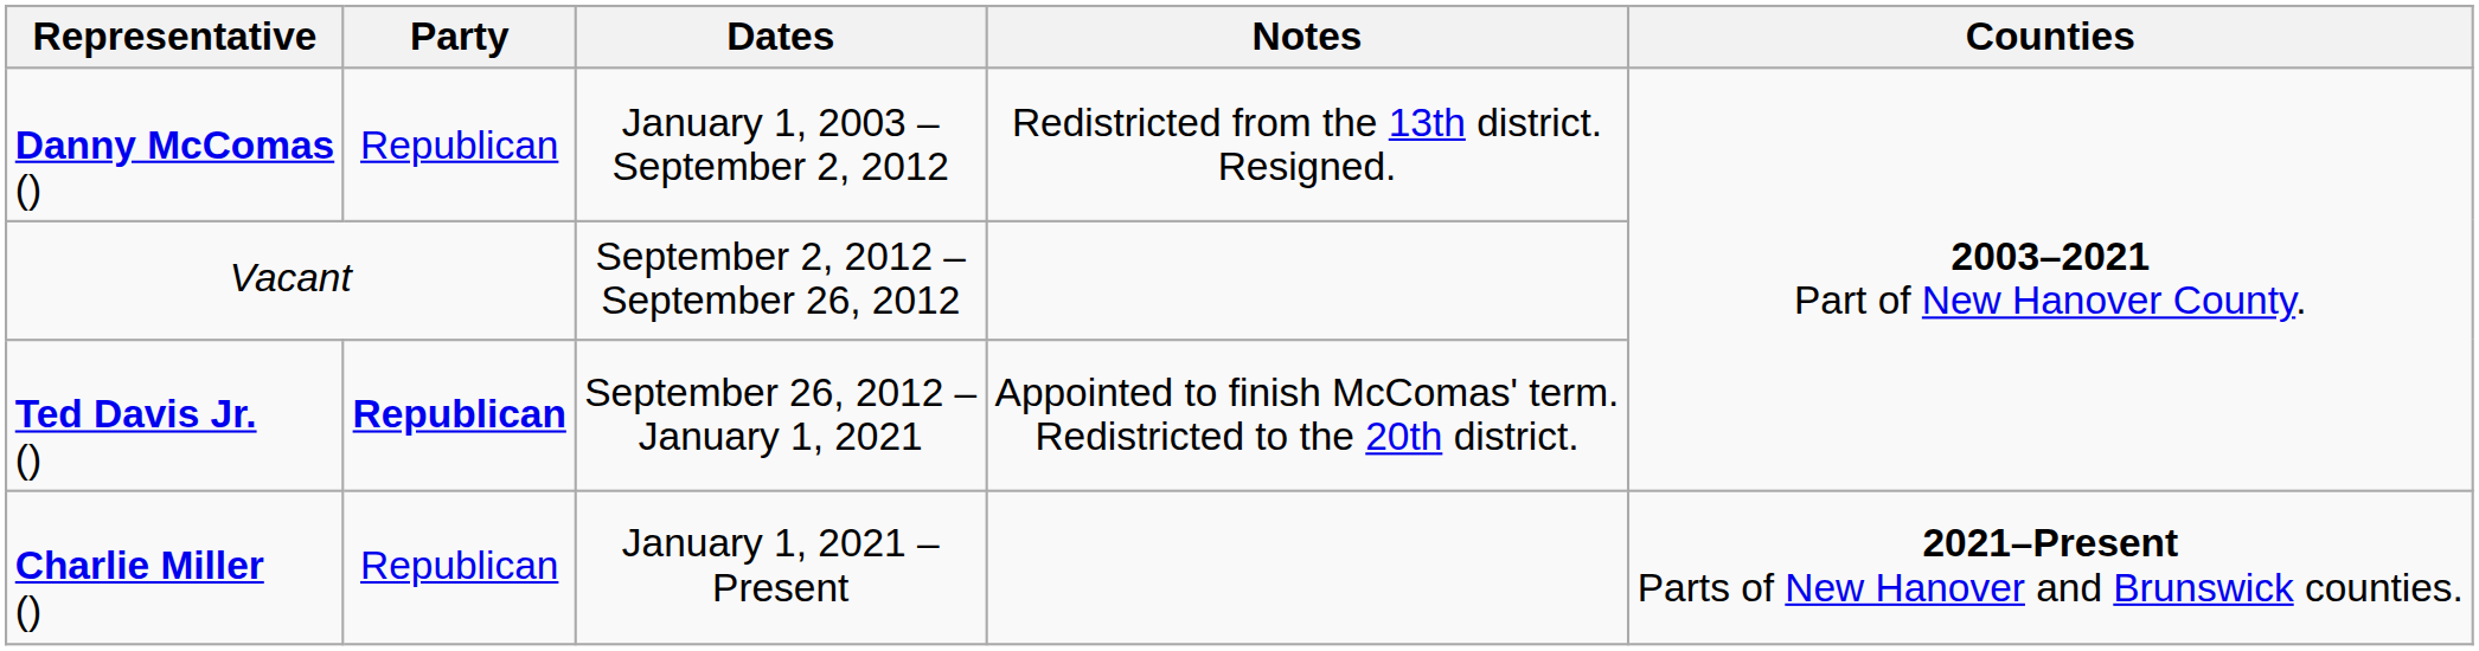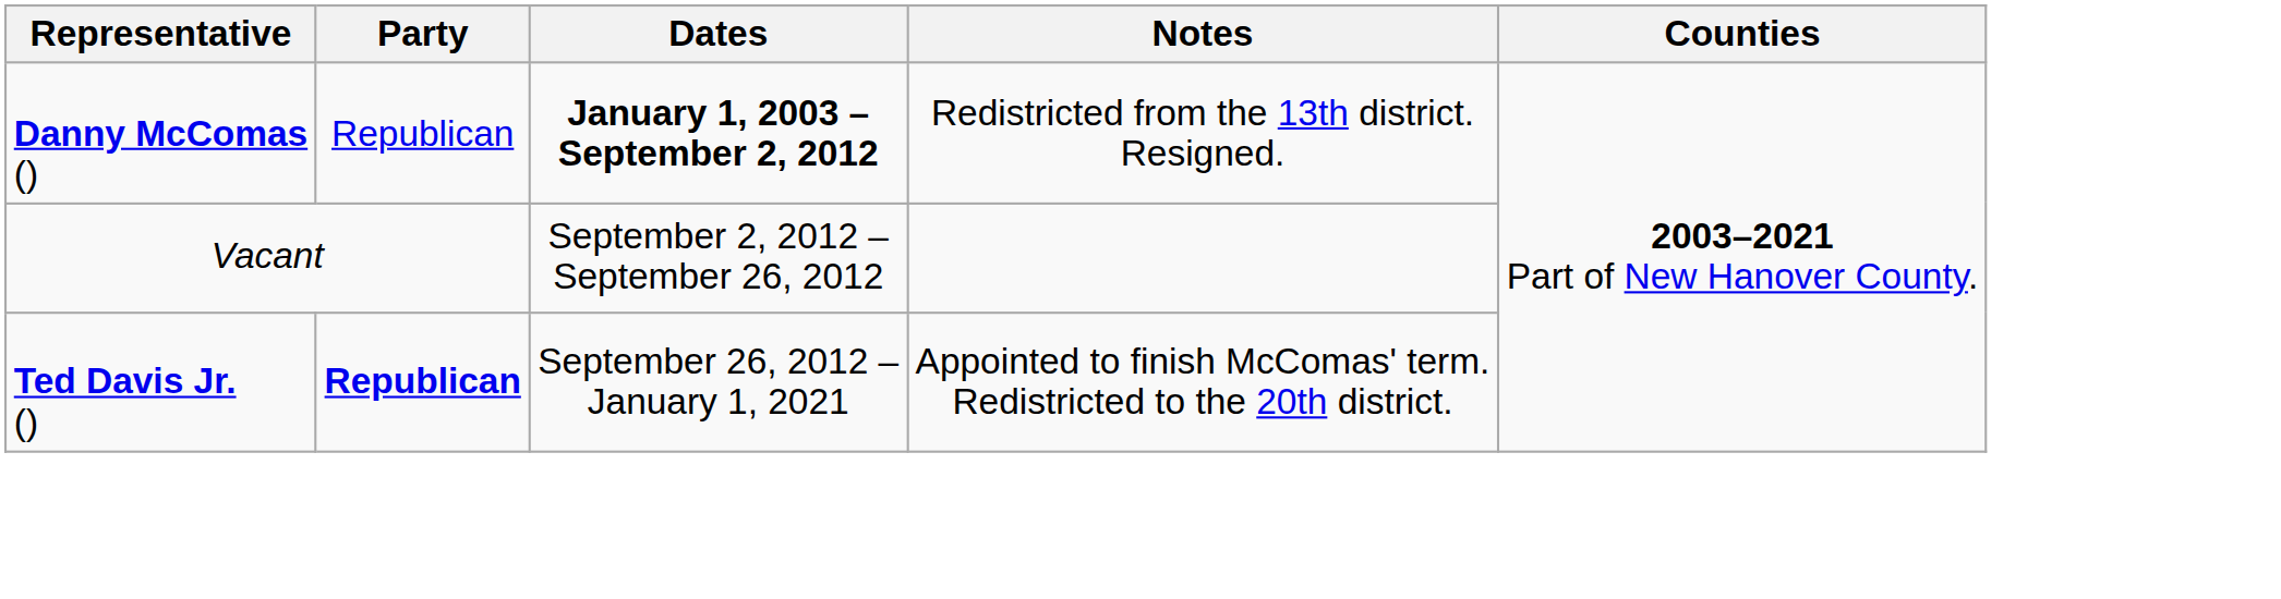 <table class=wikitable style="text-align:center">
 <tr>
 <th>Representative</th>
 <th>Party</th>
 <th>Dates</th>
 <th>Notes</th>
 <th>Counties</th>
 </tr>
 <tr style="height:3em">
 <td align=left><br><strong><a href='#'>Danny McComas</a></strong><br>()</td>
 <td><a href='#'>Republican</a></td>
-<td nowrap>January 1, 2003 – <br> September 2, 2012</td>
+<td nowrap><strong>January 1, 2003 – <br> September 2, 2012</strong></td>
 <td>Redistricted from the <a href='#'>13th</a> district. <br> Resigned.</td>
 <td rowspan=3><strong>2003–2021</strong> <br> Part of <a href='#'>New Hanover County</a>.</td>
 </tr>
 <tr style="height:3em">
 <td colspan=2><em>Vacant</em></td>
 <td nowrap>September 2, 2012 – <br> September 26, 2012</td>
 <td></td>
 </tr>
 <tr style="height:3em">
 <td align=left><br><strong><a href='#'>Ted Davis Jr.</a></strong><br>()</td>
 <td><strong><a href='#'>Republican</a></strong></td>
 <td nowrap>September 26, 2012 – <br> January 1, 2021</td>
 <td>Appointed to finish McComas' term. <br> Redistricted to the <a href='#'>20th</a> district.</td>
 </tr>
-<tr style="height:3em">
-<td align=left><br><strong><a href='#'>Charlie Miller</a></strong><br>()</td>
-<td><a href='#'>Republican</a></td>
-<td nowrap>January 1, 2021 – <br> Present</td>
-<td></td>
-<td><strong>2021–Present</strong> <br> Parts of <a href='#'>New Hanover</a> and <a href='#'>Brunswick</a> counties.</td>
-</tr>
 </table>
